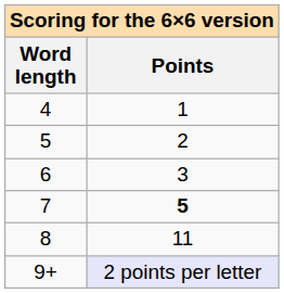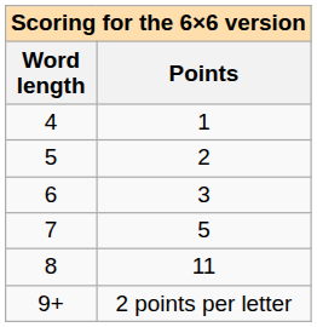 <table class=wikitable style="text-align:center">
 <tr>
 <th colspan="2" style="background: #ffdead;">Scoring for the 6×6 version</th>
 </tr>
 <tr>
 <th>Word<br> length</th>
 <th>Points</th>
 </tr>
 <tr>
 <td>4</td>
 <td>1</td>
 </tr>
 <tr>
 <td>5</td>
 <td>2</td>
 </tr>
 <tr>
 <td>6</td>
 <td>3</td>
 </tr>
 <tr>
 <td>7</td>
-<td><strong>5</strong></td>
+<td>5</td>
 </tr>
 <tr>
 <td>8</td>
 <td>11</td>
 </tr>
 <tr>
 <td>9+</td>
-<td style="background: lavender;">2 points per letter</td>
+<td>2 points per letter</td>
 </tr>
 </table>
